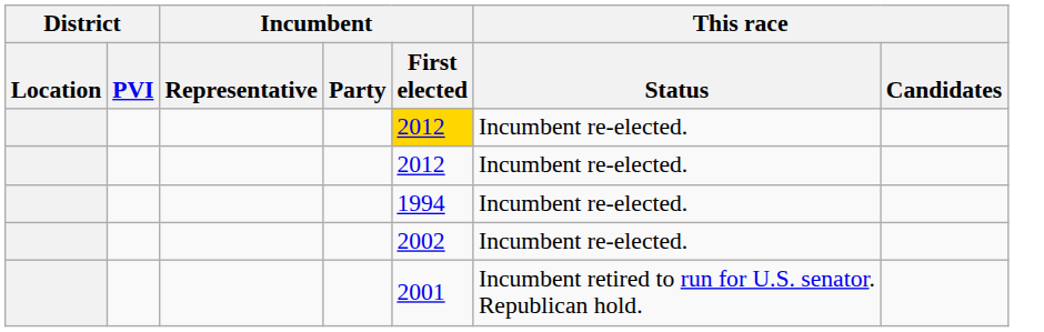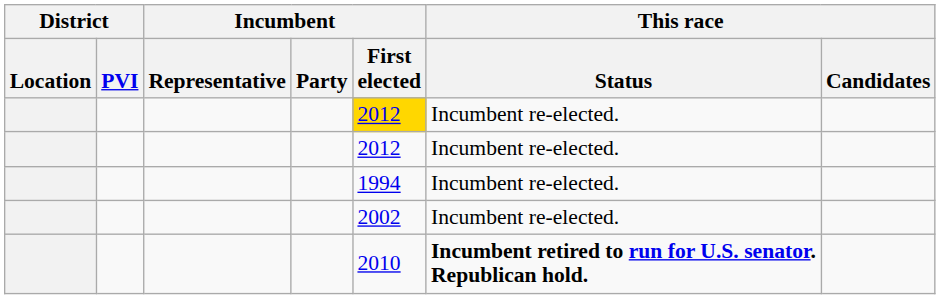 <table class="wikitable sortable">
 <tr valign=bottom>
 <th colspan=2>District</th>
 <th colspan=3>Incumbent</th>
 <th colspan=2>This race</th>
 </tr>
 <tr valign=bottom>
 <th>Location</th>
 <th><a href='#'>PVI</a></th>
 <th>Representative</th>
 <th>Party</th>
 <th>First<br>elected</th>
 <th>Status</th>
 <th>Candidates</th>
 </tr>
 <tr>
 <th></th>
 <td></td>
 <td></td>
 <td></td>
 <td style="background: gold;"><a href='#'>2012</a></td>
 <td>Incumbent re-elected.</td>
 <td nowrap></td>
 </tr>
 <tr>
 <th></th>
 <td></td>
 <td></td>
 <td></td>
 <td><a href='#'>2012</a></td>
 <td>Incumbent re-elected.</td>
 <td nowrap></td>
 </tr>
 <tr>
 <th></th>
 <td></td>
 <td></td>
 <td></td>
 <td><a href='#'>1994</a></td>
 <td>Incumbent re-elected.</td>
 <td nowrap></td>
 </tr>
 <tr>
 <th></th>
 <td></td>
 <td></td>
 <td></td>
 <td><a href='#'>2002</a></td>
 <td>Incumbent re-elected.</td>
 <td nowrap></td>
 </tr>
 <tr>
 <th></th>
 <td></td>
 <td></td>
 <td></td>
-<td><a href='#'>2001</a></td>
-<td>Incumbent retired to <a href='#'>run for U.S. senator</a>.<br>Republican hold.</td>
+<td><a href='#'>2010</a></td>
+<td><strong>Incumbent retired to <a href='#'>run for U.S. senator</a>.<br>Republican hold.</strong></td>
 <td nowrap></td>
 </tr>
 </table>
